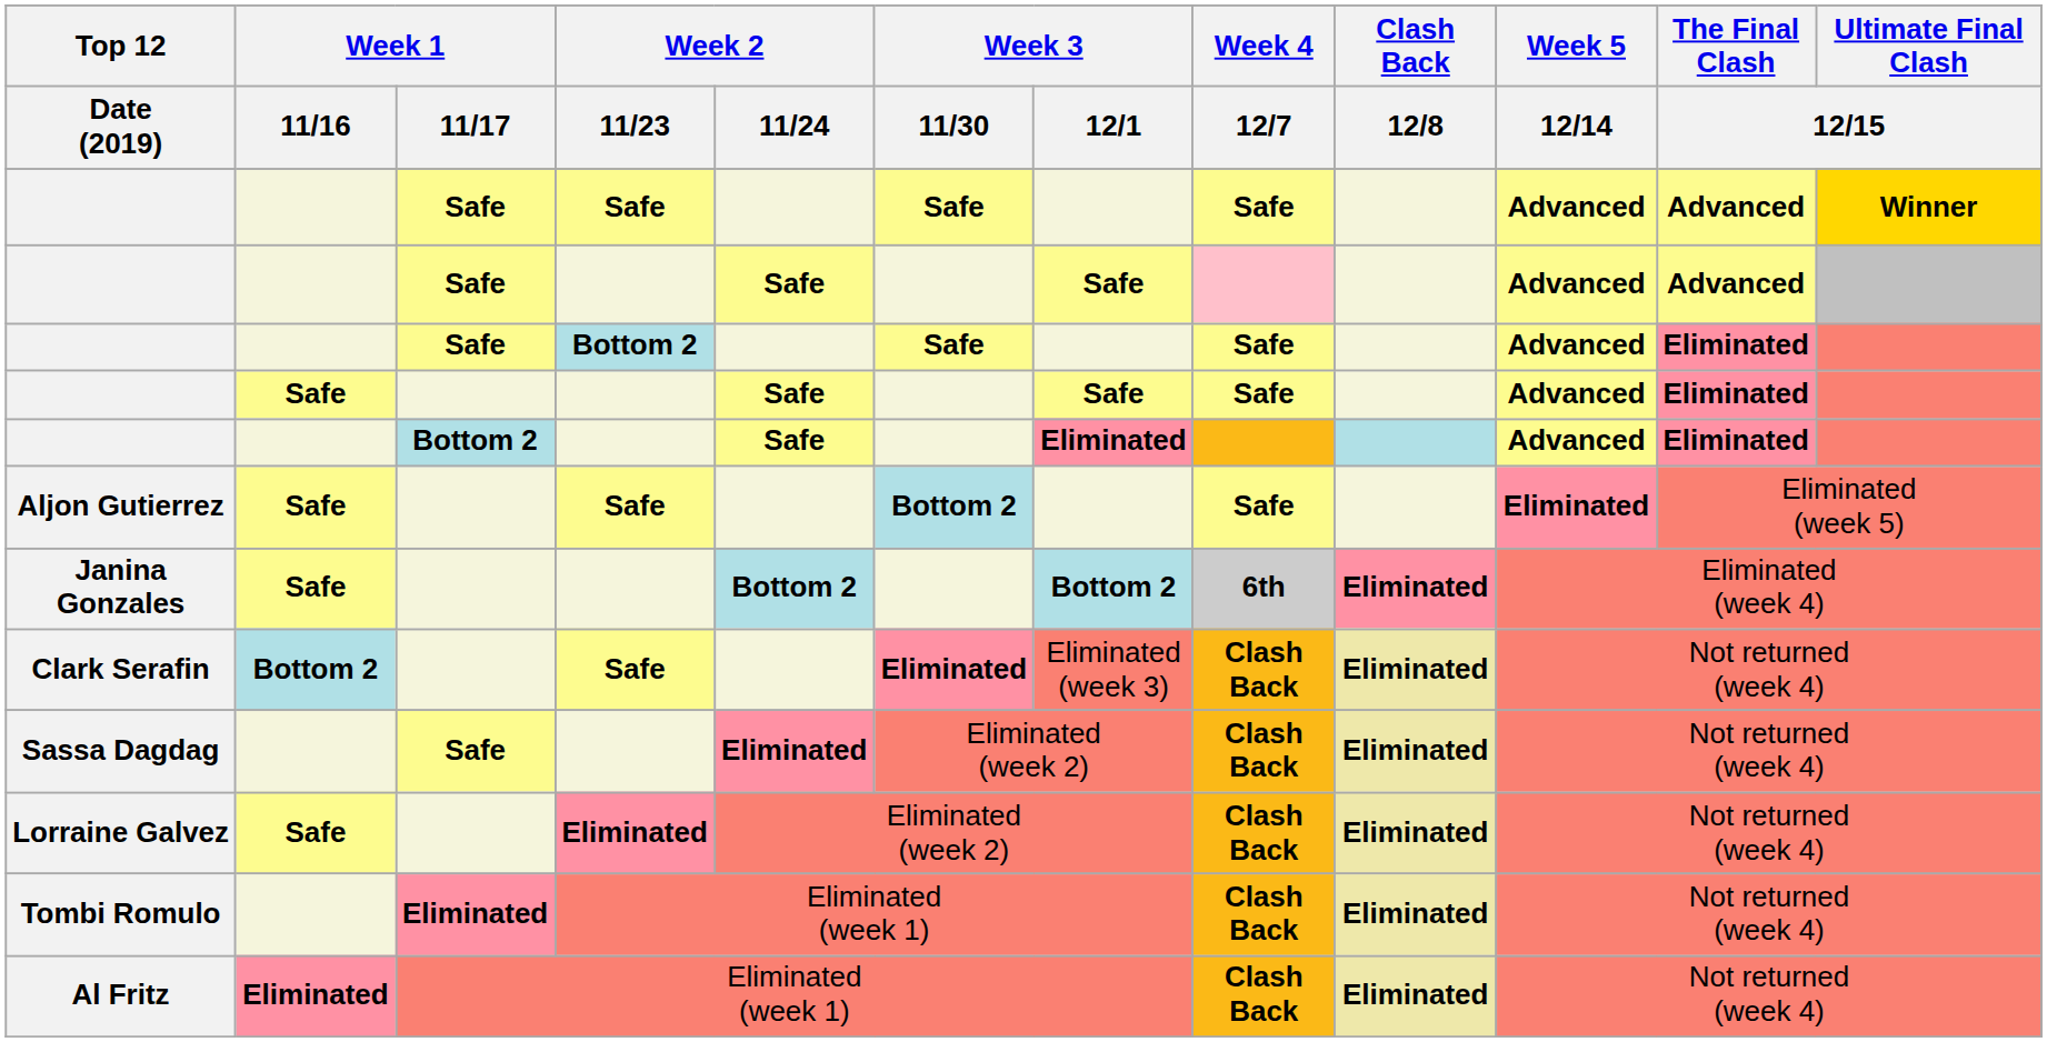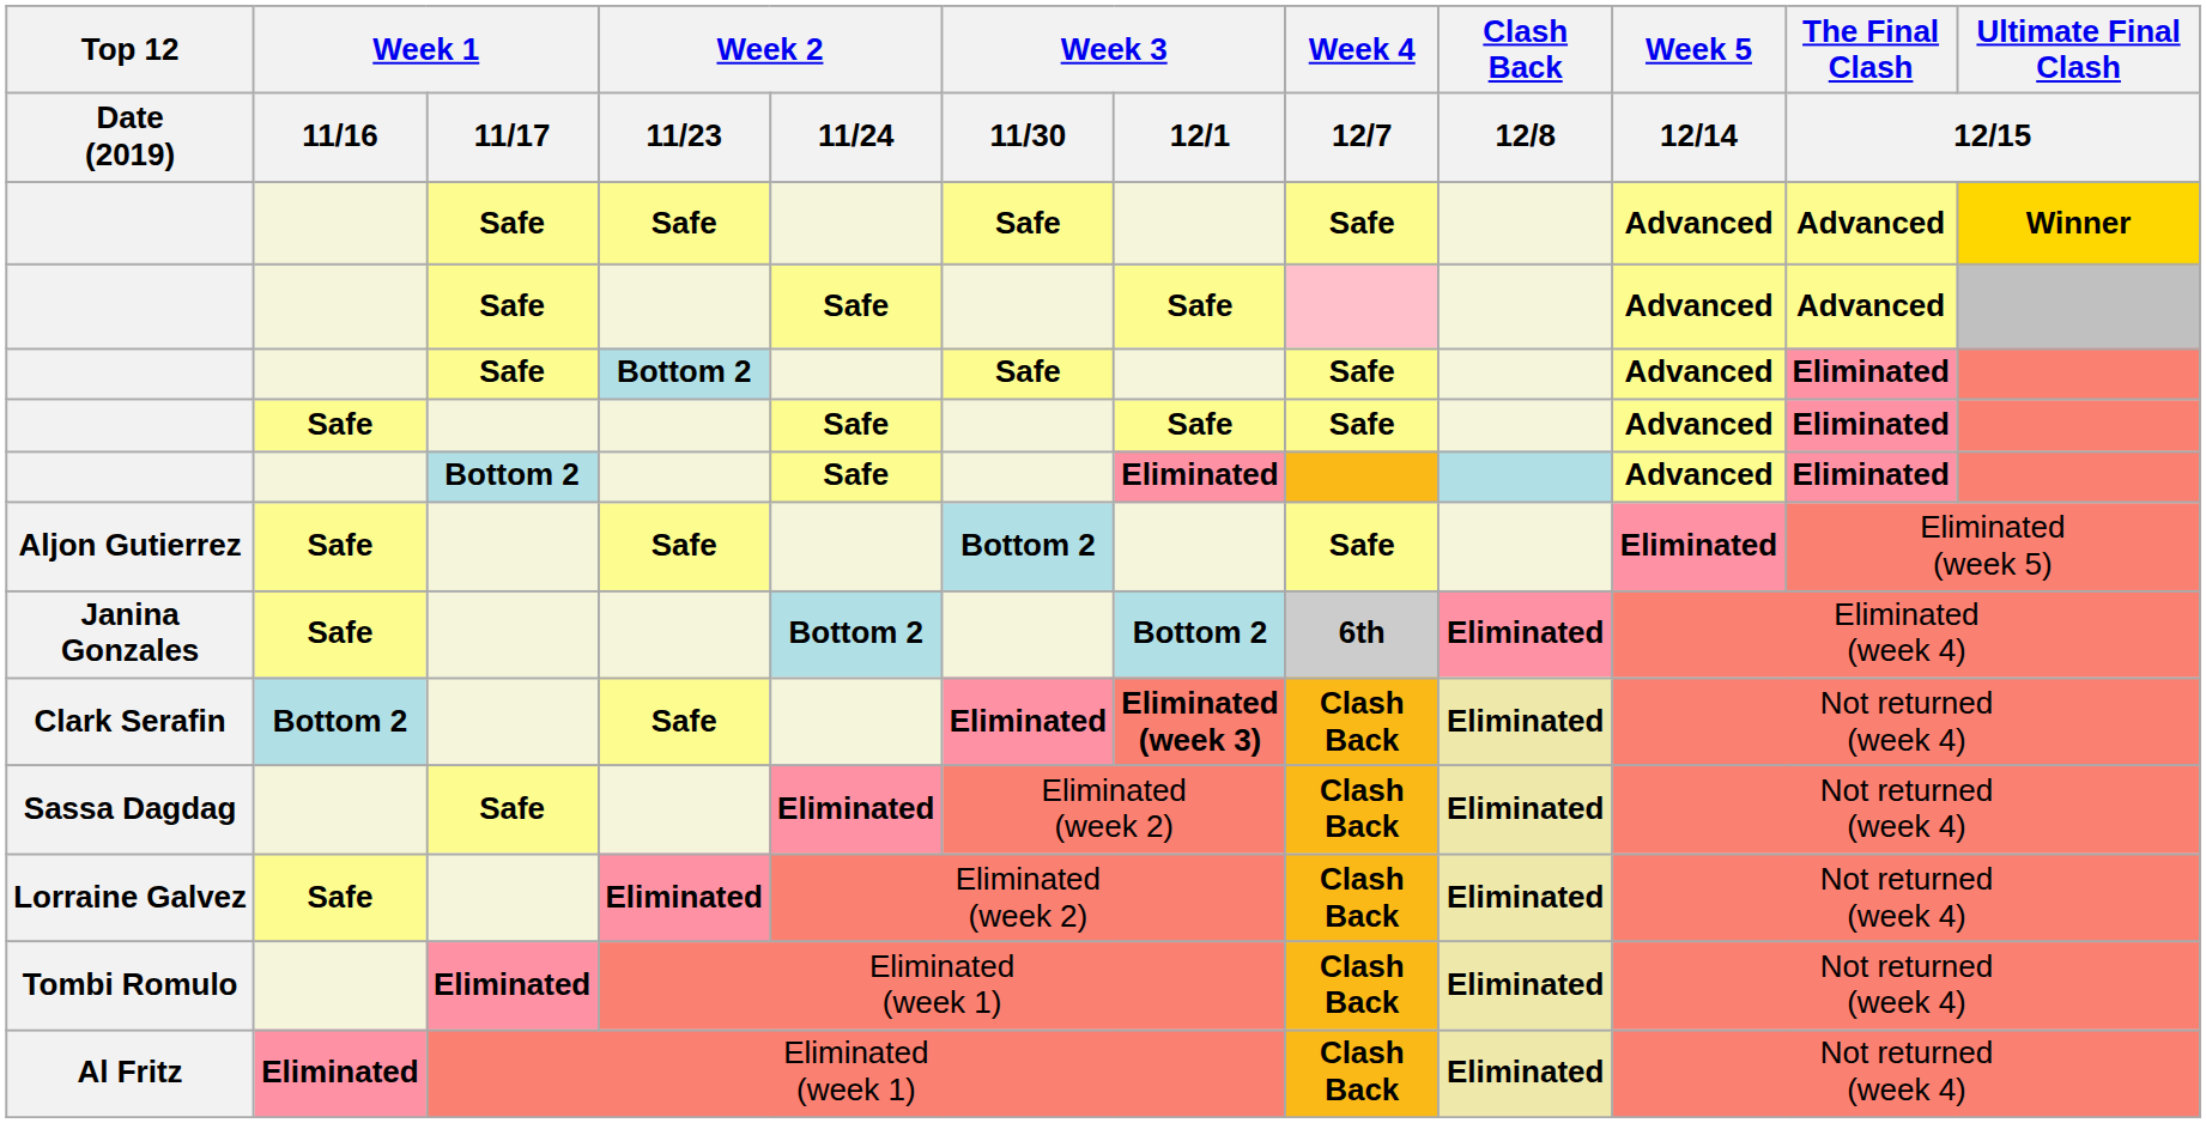 <table class="wikitable" style="margin:1em auto; text-align:center; font-size:85%; line-height:16px; border: none;">
 <tr>
 <th width=102px>Top 12</th>
 <th colspan=2 width=10px><a href='#'>Week 1</a></th>
 <th colspan=2 width=10px><a href='#'>Week 2</a></th>
 <th colspan=2 width=10px><a href='#'>Week 3</a></th>
 <th width=60px><a href='#'>Week 4</a></th>
 <th width=70px><a href='#'>Clash Back</a></th>
 <th width=10px><a href='#'>Week 5</a></th>
 <th width=10px><a href='#'>The Final Clash</a></th>
 <th width=100px><a href='#'>Ultimate Final Clash</a></th>
 </tr>
 <tr>
 <th>Date<br>(2019)</th>
 <th width=10px>11/16</th>
 <th width=10px>11/17</th>
 <th width=10px>11/23</th>
 <th width=10px>11/24</th>
 <th width=10px>11/30</th>
 <th width=10px>12/1</th>
 <th width=10px>12/7</th>
 <th width=10px>12/8</th>
 <th width=10px>12/14</th>
 <th colspan=2 width=10px>12/15</th>
 </tr>
 <tr>
 <th></th>
 <td style="background:#F5F5DC;"></td>
 <td style="background:#fdfc8f;"><strong>Safe</strong></td>
 <td style="background:#fdfc8f;"><strong>Safe</strong></td>
 <td style="background:#F5F5DC;"></td>
 <td style="background:#fdfc8f;"><strong>Safe</strong></td>
 <td style="background:#F5F5DC;"></td>
 <td style="background:#fdfc8f;"><strong>Safe</strong></td>
 <td style="background:#F5F5DC;"></td>
 <td style="background:#fdfc8f;"><strong>Advanced</strong></td>
 <td style="background:#fdfc8f;"><strong>Advanced</strong></td>
 <td style="background:gold;" height=30px><strong>Winner</strong></td>
 </tr>
 <tr>
 <th></th>
 <td style="background:#F5F5DC;"></td>
 <td style="background:#fdfc8f;"><strong>Safe</strong></td>
 <td style="background:#F5F5DC;"></td>
 <td style="background:#fdfc8f;"><strong>Safe</strong></td>
 <td style="background:#F5F5DC;"></td>
 <td style="background:#fdfc8f;"><strong>Safe</strong></td>
 <td style="background:pink;"></td>
 <td style="background:#F5F5DC;"></td>
 <td style="background:#fdfc8f;"><strong>Advanced</strong></td>
 <td style="background:#fdfc8f;"><strong>Advanced</strong></td>
 <td style="background:silver;" height=30px></td>
 </tr>
 <tr>
 <th></th>
 <td style="background:#F5F5DC;"></td>
 <td style="background:#fdfc8f;"><strong>Safe</strong></td>
 <td style="background:#b0e0e6;"><strong>Bottom 2</strong></td>
 <td style="background:#F5F5DC;"></td>
 <td style="background:#fdfc8f;"><strong>Safe</strong></td>
 <td style="background:#F5F5DC;"></td>
 <td style="background:#fdfc8f;"><strong>Safe</strong></td>
 <td style="background:#F5F5DC;"></td>
 <td style="background:#fdfc8f;"><strong>Advanced</strong></td>
 <td style="background:#FF91A4;"><strong>Eliminated</strong></td>
 <td style="background:salmon;"></td>
 </tr>
 <tr>
 <th></th>
 <td style="background:#fdfc8f;"><strong>Safe</strong></td>
 <td style="background:#F5F5DC;"></td>
 <td style="background:#F5F5DC;"></td>
 <td style="background:#fdfc8f;"><strong>Safe</strong></td>
 <td style="background:#F5F5DC;"></td>
 <td style="background:#fdfc8f;"><strong>Safe</strong></td>
 <td style="background:#fdfc8f;"><strong>Safe</strong></td>
 <td style="background:#F5F5DC;"></td>
 <td style="background:#fdfc8f;"><strong>Advanced</strong></td>
 <td style="background:#FF91A4;"><strong>Eliminated</strong></td>
 <td style="background:salmon;"></td>
 </tr>
 <tr>
 <th></th>
 <td style="background:#F5F5DC;"></td>
 <td style="background:#b0e0e6;"><strong>Bottom 2</strong></td>
 <td style="background:#F5F5DC;"></td>
 <td style="background:#fdfc8f;"><strong>Safe</strong></td>
 <td style="background:#F5F5DC;"></td>
 <td style="background:#FF91A4;"><strong>Eliminated</strong></td>
 <td style="background:#FBB917"></td>
 <td style="background:#b0e0e6;"></td>
 <td style="background:#fdfc8f;"><strong>Advanced</strong></td>
 <td style="background:#FF91A4;"><strong>Eliminated</strong></td>
 <td style="background:salmon;"></td>
 </tr>
 <tr>
 <th>Aljon Gutierrez</th>
 <td style="background:#fdfc8f;"><strong>Safe</strong></td>
 <td style="background:#F5F5DC;"></td>
 <td style="background:#fdfc8f;"><strong>Safe</strong></td>
 <td style="background:#F5F5DC;"></td>
 <td style="background:#b0e0e6;"><strong>Bottom 2</strong></td>
 <td style="background:#F5F5DC;"></td>
 <td style="background:#fdfc8f;"><strong>Safe</strong></td>
 <td style="background:#F5F5DC;"></td>
 <td style="background:#FF91A4;"><strong>Eliminated</strong></td>
 <td colspan="2" style="background:salmon;">Eliminated<br>(week 5)</td>
 </tr>
 <tr>
 <th>Janina Gonzales</th>
 <td style="background:#fdfc8f;"><strong>Safe</strong></td>
 <td style="background:#F5F5DC;"></td>
 <td style="background:#F5F5DC;"></td>
 <td style="background:#b0e0e6;"><strong>Bottom 2</strong></td>
 <td style="background:#F5F5DC;"></td>
 <td style="background:#b0e0e6;"><strong>Bottom 2</strong></td>
 <td style="background:#ccc;"><strong>6th</strong></td>
 <td style="background:#FF91A4;"><strong>Eliminated</strong></td>
 <td colspan="3" style="background:salmon;">Eliminated<br>(week 4)</td>
 </tr>
 <tr>
 <th>Clark Serafin</th>
 <td style="background:#b0e0e6;"><strong>Bottom 2</strong></td>
 <td style="background:#F5F5DC;"></td>
 <td style="background:#fdfc8f;"><strong>Safe</strong></td>
 <td style="background:#F5F5DC;"></td>
 <td style="background:#FF91A4;"><strong>Eliminated</strong></td>
-<td style="background:salmon;">Eliminated<br>(week 3)</td>
+<td style="background:salmon;"><strong>Eliminated<br>(week 3)</strong></td>
 <td style="background:#FBB917"><strong>Clash Back</strong></td>
 <td style="background:#EEE8AA;"><strong>Eliminated</strong></td>
 <td colspan="3" style="background:salmon;">Not returned<br>(week 4)</td>
 </tr>
 <tr>
 <th>Sassa Dagdag</th>
 <td style="background:#F5F5DC;"></td>
 <td style="background:#fdfc8f;"><strong>Safe</strong></td>
 <td style="background:#F5F5DC;"></td>
 <td style="background:#FF91A4;"><strong>Eliminated</strong></td>
 <td colspan="2" style="background:salmon;">Eliminated<br>(week 2)</td>
 <td style="background:#FBB917"><strong>Clash Back</strong></td>
 <td style="background:#EEE8AA;"><strong>Eliminated</strong></td>
 <td colspan="3" style="background:salmon;">Not returned<br>(week 4)</td>
 </tr>
 <tr>
 <th>Lorraine Galvez</th>
 <td style="background:#fdfc8f;"><strong>Safe</strong></td>
 <td style="background:#F5F5DC;"></td>
 <td style="background:#FF91A4;"><strong>Eliminated</strong></td>
 <td colspan="3" style="background:salmon;">Eliminated<br>(week 2)</td>
 <td style="background:#FBB917"><strong>Clash Back</strong></td>
 <td style="background:#EEE8AA;"><strong>Eliminated</strong></td>
 <td colspan="3" style="background:salmon;">Not returned<br>(week 4)</td>
 </tr>
 <tr>
 <th>Tombi Romulo</th>
 <td style="background:#F5F5DC;"></td>
 <td style="background:#FF91A4;"><strong>Eliminated</strong></td>
 <td colspan="4" style="background:salmon;">Eliminated<br>(week 1)</td>
 <td style="background:#FBB917"><strong>Clash Back</strong></td>
 <td style="background:#EEE8AA;"><strong>Eliminated</strong></td>
 <td colspan="3" style="background:salmon;">Not returned<br>(week 4)</td>
 </tr>
 <tr>
 <th>Al Fritz</th>
 <td style="background:#FF91A4;"><strong>Eliminated</strong></td>
 <td colspan="5" style="background:salmon;">Eliminated<br>(week 1)</td>
 <td style="background:#FBB917"><strong>Clash Back</strong></td>
 <td style="background:#EEE8AA;"><strong>Eliminated</strong></td>
 <td colspan="3" style="background:salmon;">Not returned<br>(week 4)</td>
 </tr>
 </table>
